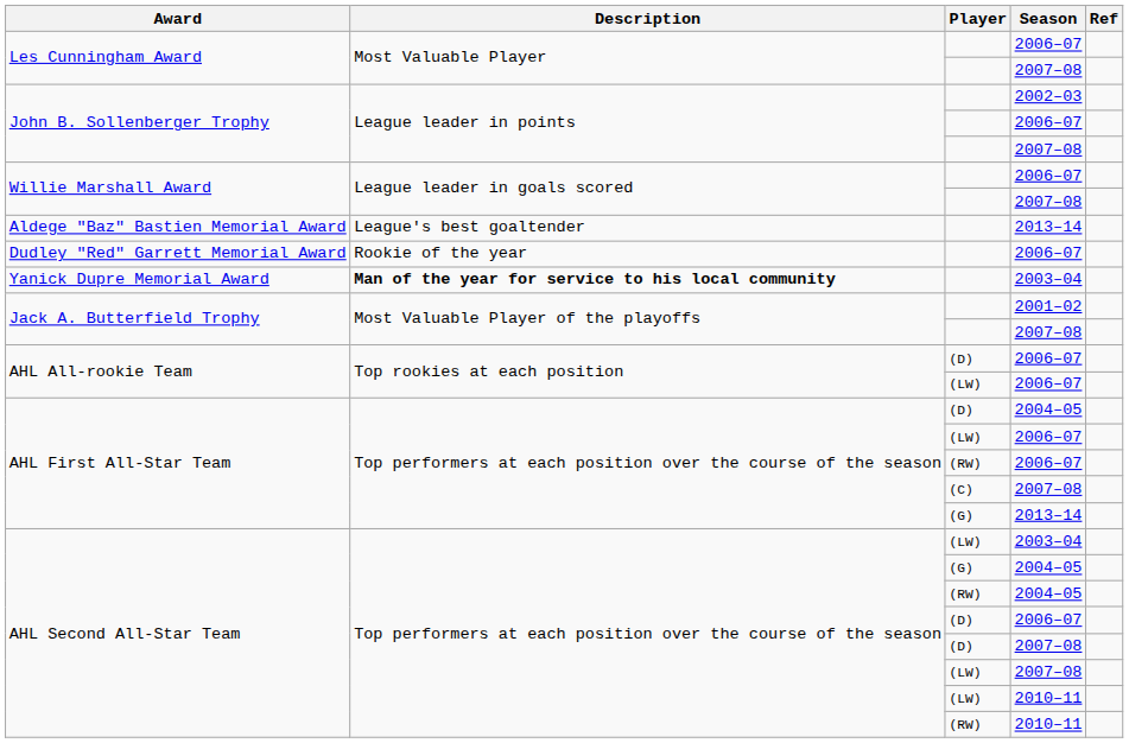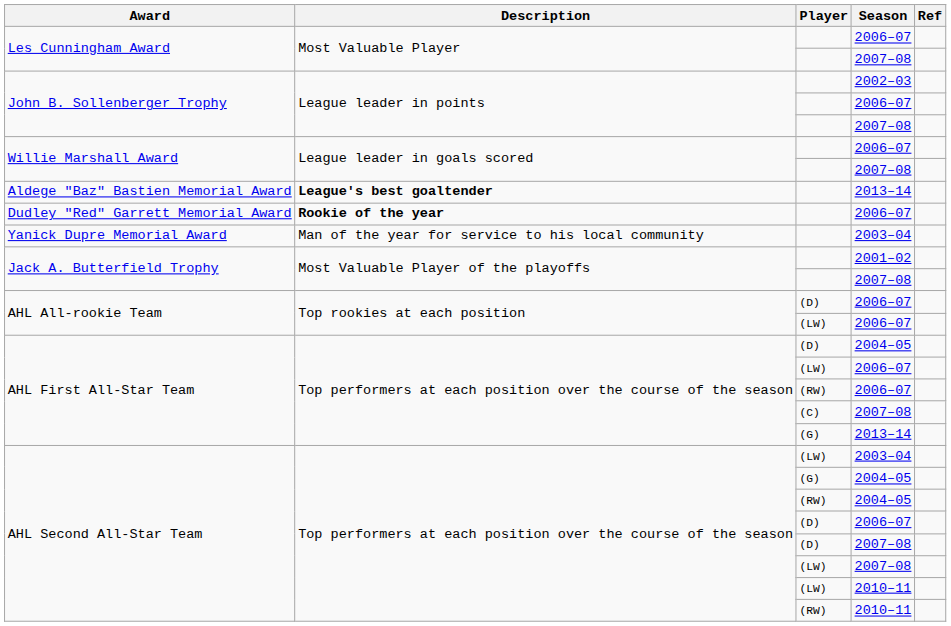 <table class="wikitable sortable">
 <tr>
 <th scope="col">Award</th>
 <th scope="col" class="unsortable">Description</th>
 <th scope="col">Player</th>
 <th scope="col">Season</th>
 <th scope="col" class="unsortable">Ref</th>
 </tr>
 <tr>
 <td scope=row rowspan="2"><a href='#'>Les Cunningham Award</a></td>
 <td rowspan="2">Most Valuable Player</td>
 <td></td>
 <td><a href='#'>2006–07</a></td>
 <td></td>
 </tr>
 <tr>
 <td></td>
 <td><a href='#'>2007–08</a></td>
 <td></td>
 </tr>
 <tr>
 <td scope=row rowspan="3"><a href='#'>John B. Sollenberger Trophy</a></td>
 <td rowspan="3">League leader in points</td>
 <td></td>
 <td><a href='#'>2002–03</a></td>
 <td></td>
 </tr>
 <tr>
 <td></td>
 <td><a href='#'>2006–07</a></td>
 <td></td>
 </tr>
 <tr>
 <td></td>
 <td><a href='#'>2007–08</a></td>
 <td></td>
 </tr>
 <tr>
 <td scope=row rowspan="2"><a href='#'>Willie Marshall Award</a></td>
 <td rowspan="2">League leader in goals scored</td>
 <td></td>
 <td><a href='#'>2006–07</a></td>
 <td></td>
 </tr>
 <tr>
 <td></td>
 <td><a href='#'>2007–08</a></td>
 <td></td>
 </tr>
 <tr>
 <td scope=row><a href='#'>Aldege "Baz" Bastien Memorial Award</a></td>
-<td>League's best goaltender</td>
+<td><strong>League's best goaltender</strong></td>
 <td></td>
 <td><a href='#'>2013–14</a></td>
 <td></td>
 </tr>
 <tr>
 <td scope=row><a href='#'>Dudley "Red" Garrett Memorial Award</a></td>
-<td>Rookie of the year</td>
+<td><strong>Rookie of the year</strong></td>
 <td></td>
 <td><a href='#'>2006–07</a></td>
 <td></td>
 </tr>
 <tr>
 <td scope=row><a href='#'>Yanick Dupre Memorial Award</a></td>
-<td><strong>Man of the year for service to his local community</strong></td>
+<td>Man of the year for service to his local community</td>
 <td></td>
 <td><a href='#'>2003–04</a></td>
 <td></td>
 </tr>
 <tr>
 <td scope=row rowspan="2"><a href='#'>Jack A. Butterfield Trophy</a></td>
 <td rowspan="2">Most Valuable Player of the playoffs</td>
 <td></td>
 <td><a href='#'>2001–02</a></td>
 <td></td>
 </tr>
 <tr>
 <td></td>
 <td><a href='#'>2007–08</a></td>
 <td></td>
 </tr>
 <tr>
 <td scope=row rowspan="2">AHL All-rookie Team</td>
 <td rowspan="2">Top rookies at each position</td>
 <td> <small>(D)</small></td>
 <td><a href='#'>2006–07</a></td>
 <td></td>
 </tr>
 <tr>
 <td> <small>(LW)</small></td>
 <td><a href='#'>2006–07</a></td>
 <td></td>
 </tr>
 <tr>
 <td scope=row rowspan="5">AHL First All-Star Team</td>
 <td rowspan="5">Top performers at each position over the course of the season</td>
 <td> <small>(D)</small></td>
 <td><a href='#'>2004–05</a></td>
 <td></td>
 </tr>
 <tr>
 <td> <small>(LW)</small></td>
 <td><a href='#'>2006–07</a></td>
 <td></td>
 </tr>
 <tr>
 <td> <small>(RW)</small></td>
 <td><a href='#'>2006–07</a></td>
 <td></td>
 </tr>
 <tr>
 <td> <small>(C)</small></td>
 <td><a href='#'>2007–08</a></td>
 <td></td>
 </tr>
 <tr>
 <td> <small>(G)</small></td>
 <td><a href='#'>2013–14</a></td>
 <td></td>
 </tr>
 <tr>
 <td scope=row rowspan="8">AHL Second All-Star Team</td>
 <td rowspan="8">Top performers at each position over the course of the season</td>
 <td> <small>(LW)</small></td>
 <td><a href='#'>2003–04</a></td>
 <td></td>
 </tr>
 <tr>
 <td> <small>(G)</small></td>
 <td><a href='#'>2004–05</a></td>
 <td></td>
 </tr>
 <tr>
 <td> <small>(RW)</small></td>
 <td><a href='#'>2004–05</a></td>
 <td></td>
 </tr>
 <tr>
 <td> <small>(D)</small></td>
 <td><a href='#'>2006–07</a></td>
 <td></td>
 </tr>
 <tr>
 <td> <small>(D)</small></td>
 <td><a href='#'>2007–08</a></td>
 <td></td>
 </tr>
 <tr>
 <td> <small>(LW)</small></td>
 <td><a href='#'>2007–08</a></td>
 <td></td>
 </tr>
 <tr>
 <td> <small>(LW)</small></td>
 <td><a href='#'>2010–11</a></td>
 <td></td>
 </tr>
 <tr>
 <td> <small>(RW)</small></td>
 <td><a href='#'>2010–11</a></td>
 <td></td>
 </tr>
 </table>
